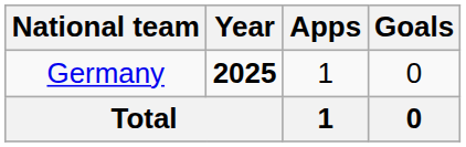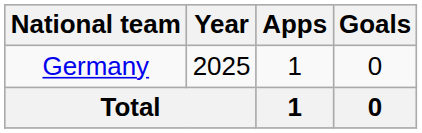 <table class="wikitable" style="text-align:center">
 <tr>
 <th>National team</th>
 <th>Year</th>
 <th>Apps</th>
 <th>Goals</th>
 </tr>
 <tr>
 <td><a href='#'>Germany</a></td>
-<td><strong>2025</strong></td>
+<td>2025</td>
 <td>1</td>
 <td>0</td>
 </tr>
 <tr>
 <th colspan="2">Total</th>
 <th>1</th>
 <th>0</th>
 </tr>
 </table>
